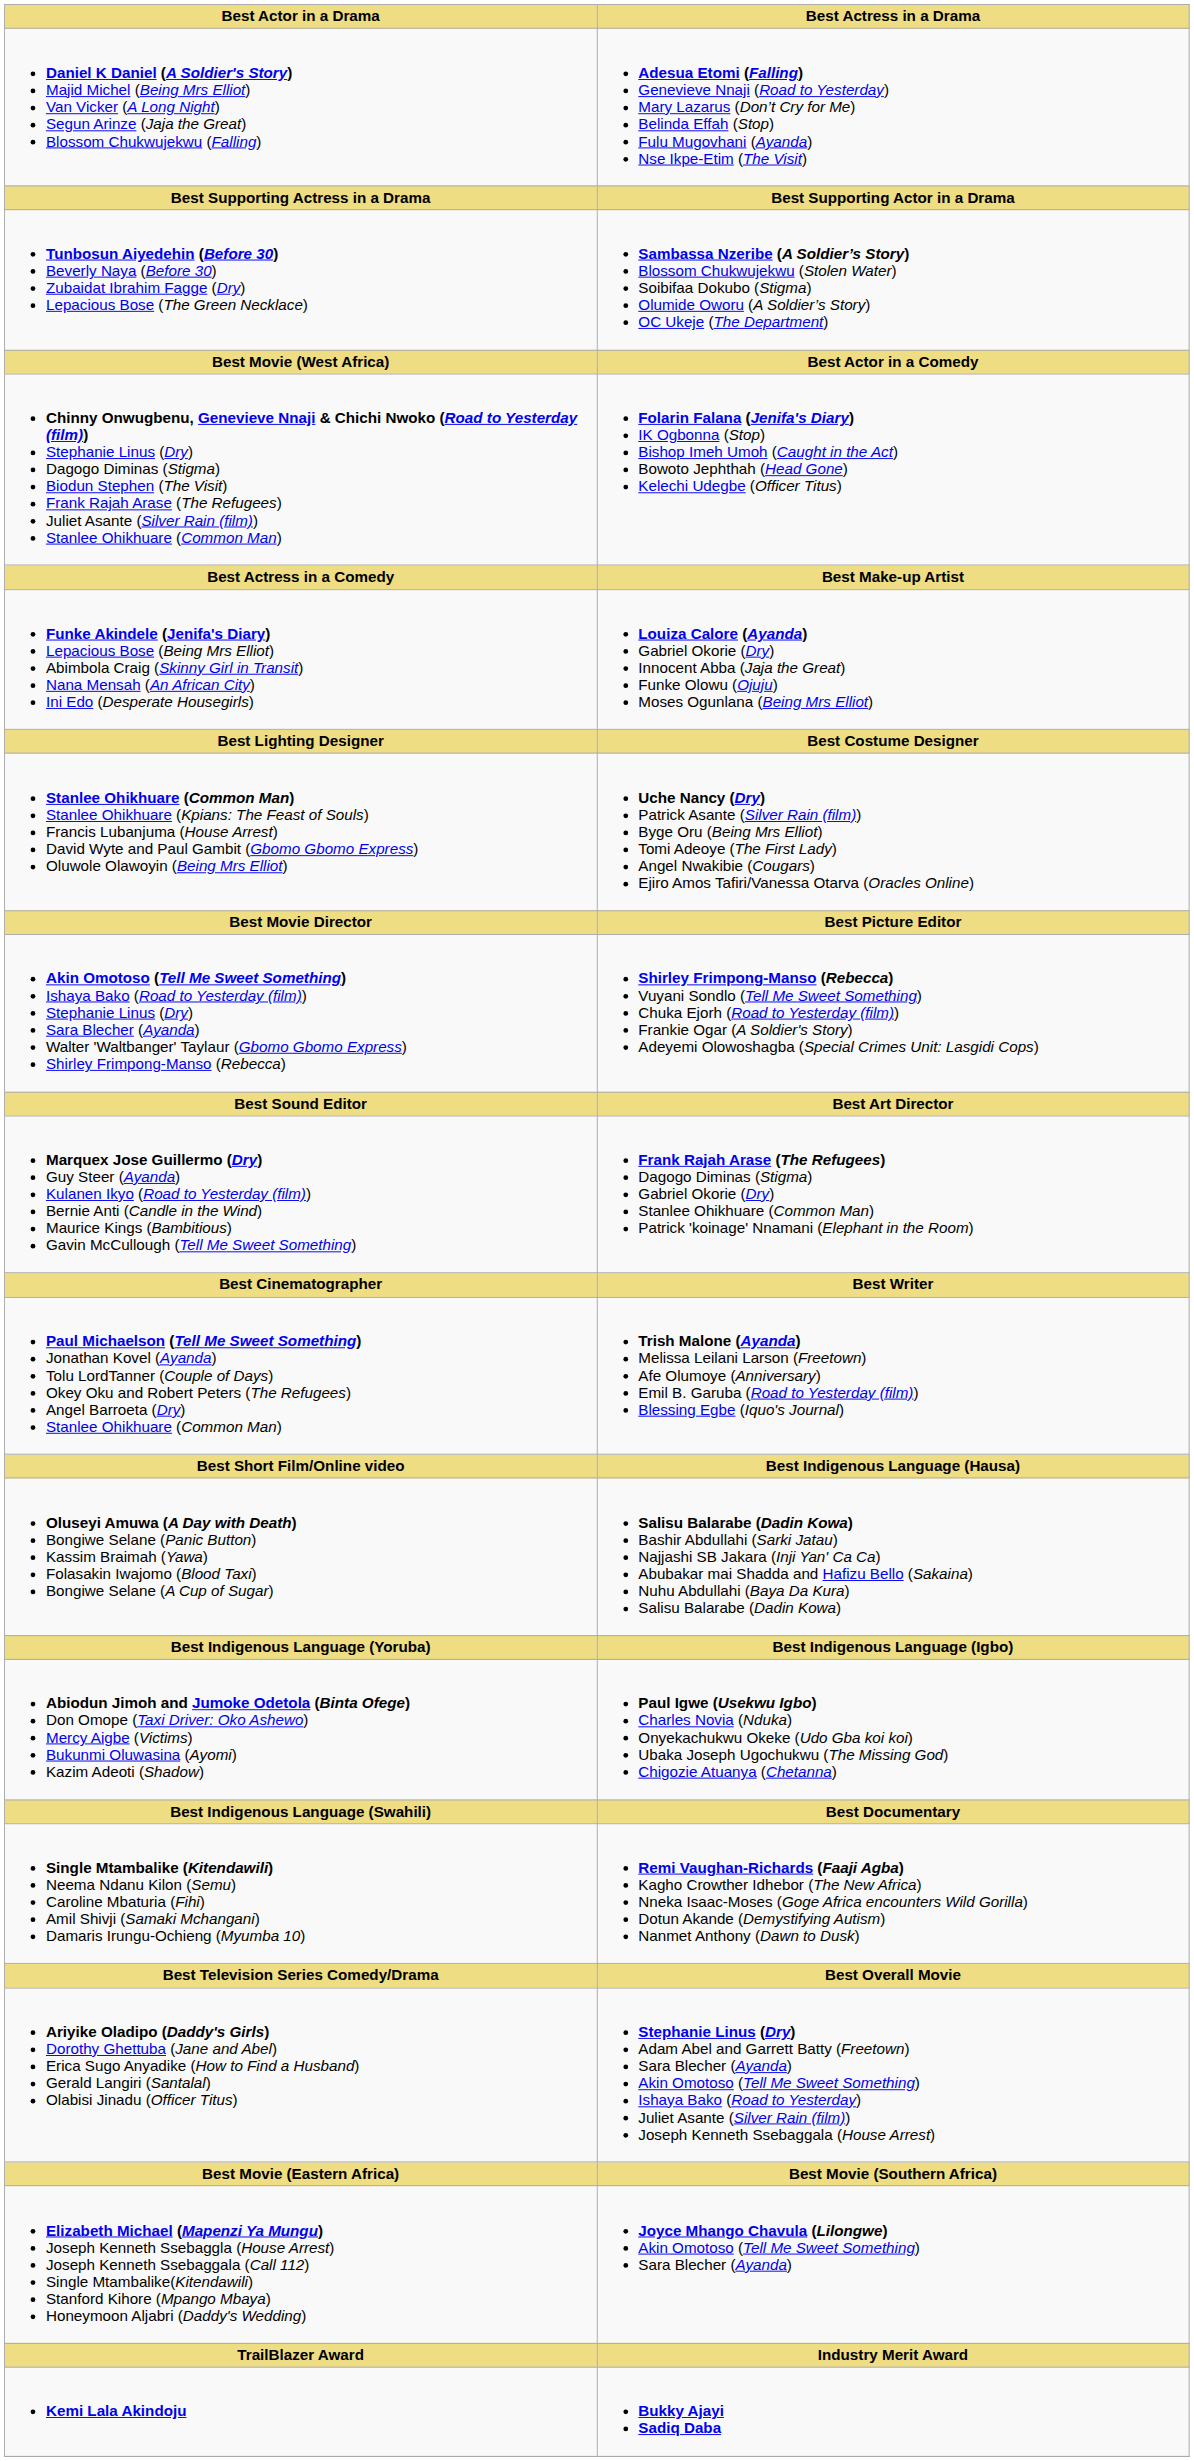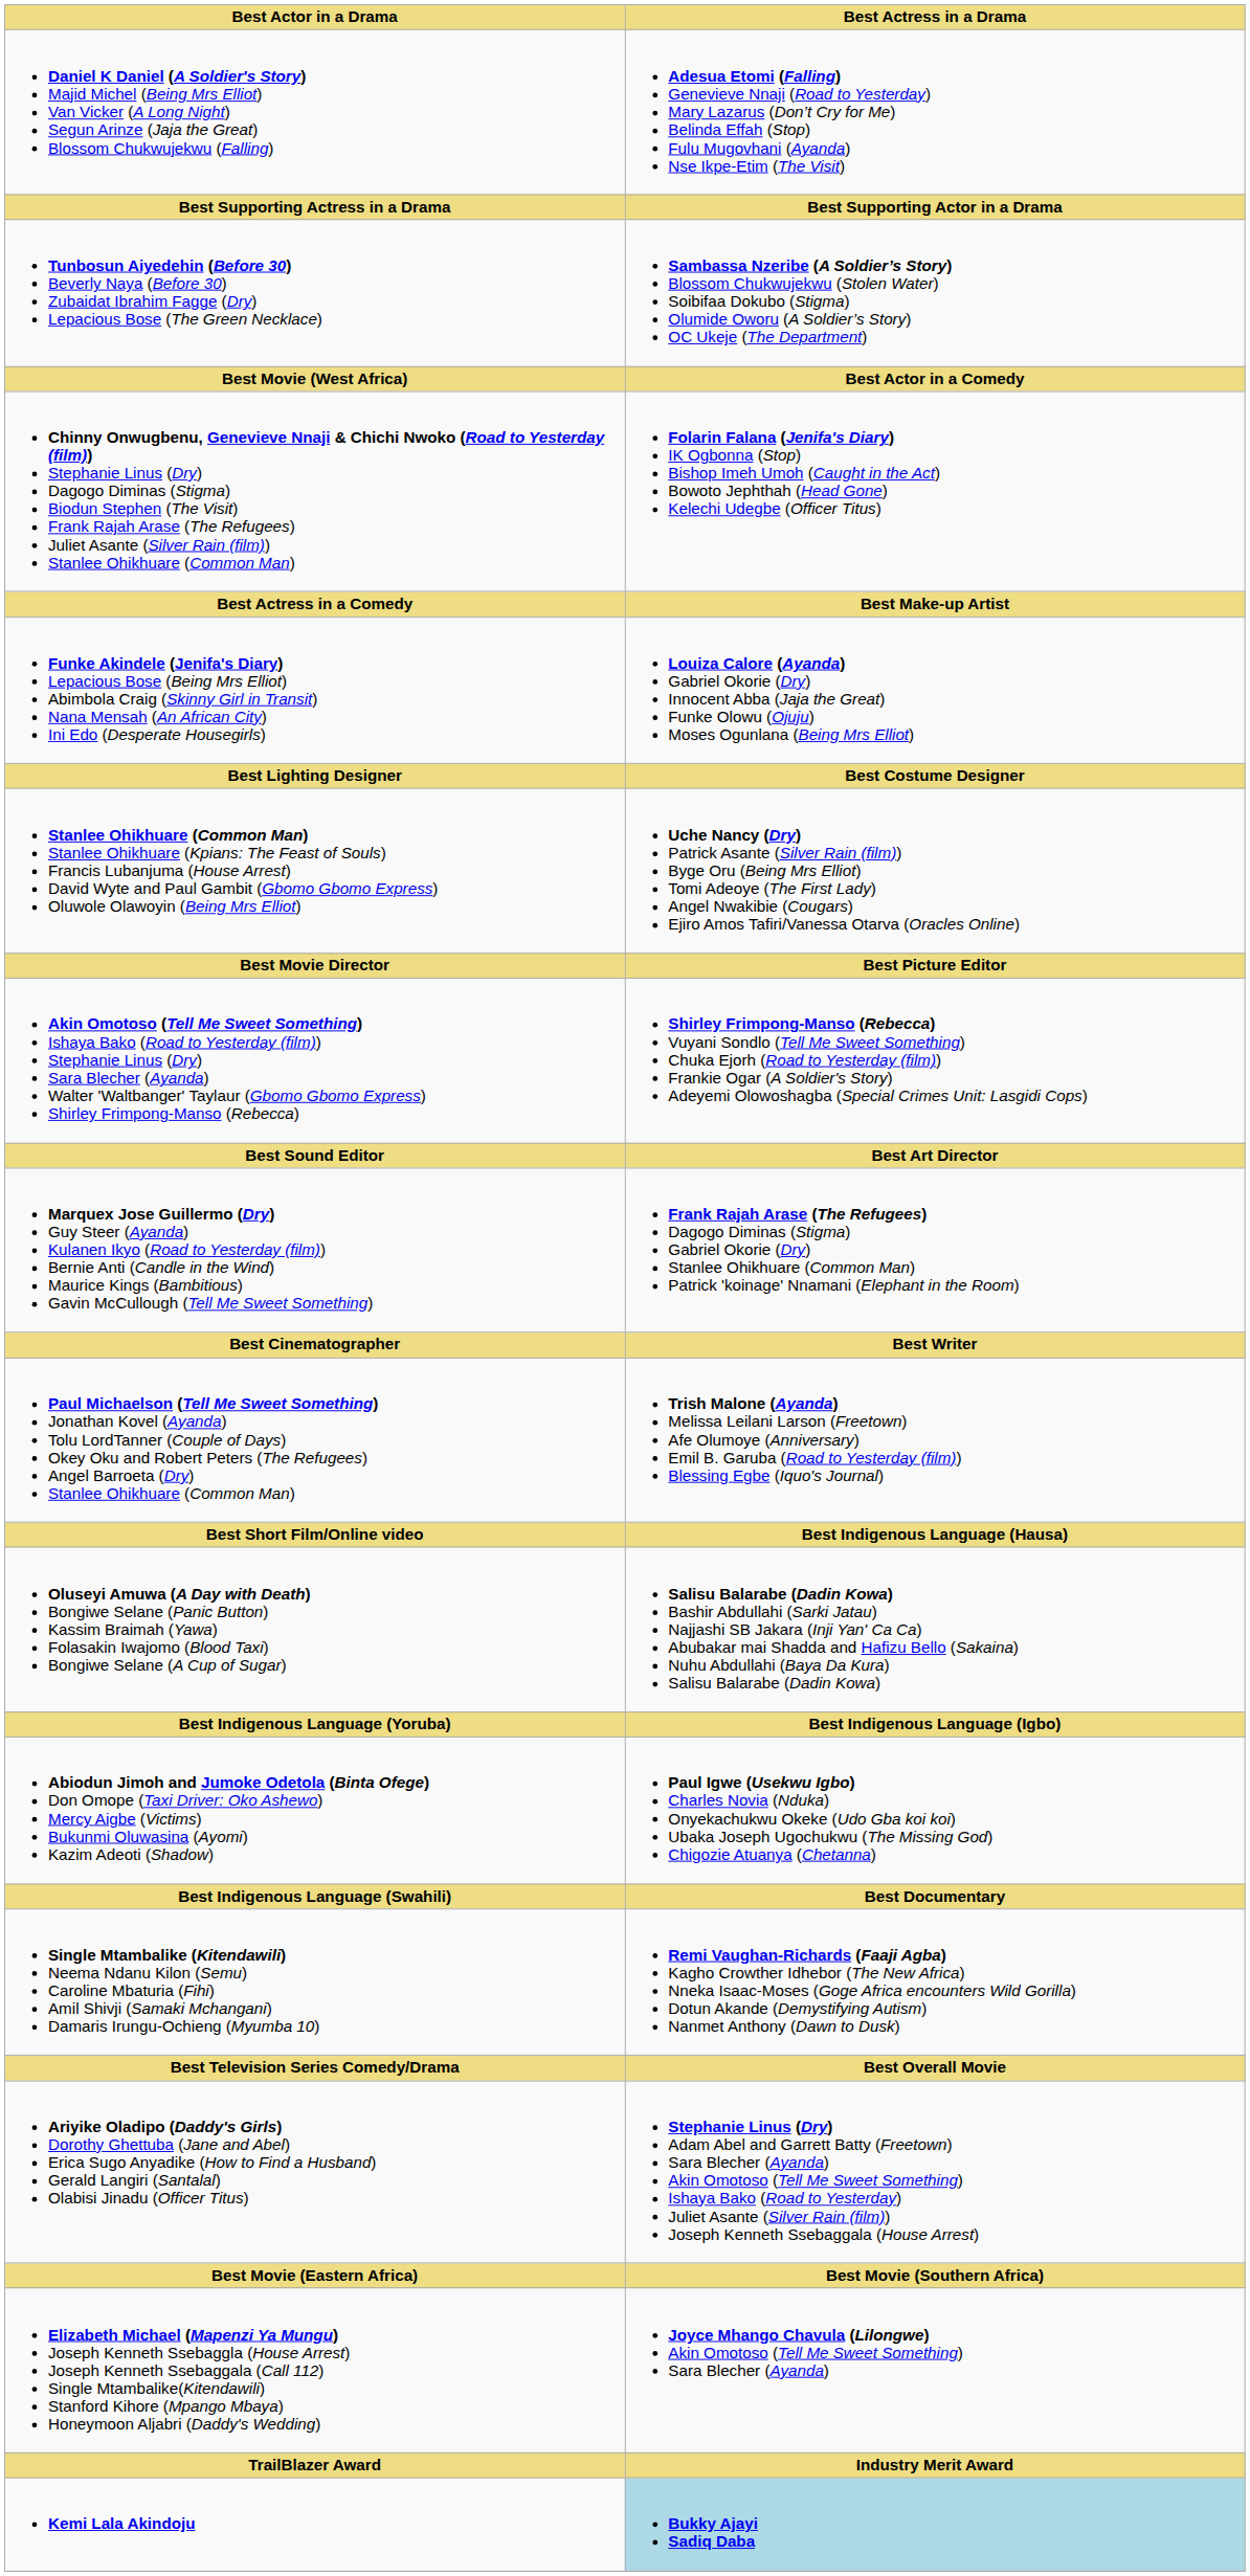 <table class="wikitable">
 <tr>
 <th style="background:#EEDD82; width:50%">Best Actor in a Drama</th>
 <th style="background:#EEDD82; width:50%">Best Actress in a Drama</th>
 </tr>
 <tr>
 <td valign="top"><br><ul><li><strong><a href='#'>Daniel K Daniel</a> (<em><a href='#'>A Soldier's Story</a></em>)</strong></li><li><a href='#'>Majid Michel</a> (<em><a href='#'>Being Mrs Elliot</a></em>)</li><li><a href='#'>Van Vicker</a> (<em><a href='#'>A Long Night</a></em>)</li><li><a href='#'>Segun Arinze</a> (<em>Jaja the Great</em>)</li><li><a href='#'>Blossom Chukwujekwu</a> (<em><a href='#'>Falling</a></em>)</li></ul></td>
 <td valign="top"><br><ul><li><strong><a href='#'>Adesua Etomi</a> (<em><a href='#'>Falling</a></em>)</strong></li><li><a href='#'>Genevieve Nnaji</a> (<em><a href='#'>Road to Yesterday</a></em>)</li><li><a href='#'>Mary Lazarus</a> (<em>Don’t Cry for Me</em>)</li><li><a href='#'>Belinda Effah</a> (<em>Stop</em>)</li><li><a href='#'>Fulu Mugovhani</a> (<em><a href='#'>Ayanda</a></em>)</li><li><a href='#'>Nse Ikpe-Etim</a> (<em><a href='#'>The Visit</a></em>)</li></ul></td>
 </tr>
 <tr>
 <th style="background:#EEDD82; width:50%">Best Supporting Actress in a Drama</th>
 <th style="background:#EEDD82; width:50%">Best Supporting Actor in a Drama</th>
 </tr>
 <tr>
 <td valign="top"><br><ul><li><strong><a href='#'>Tunbosun Aiyedehin</a> (<em><a href='#'>Before 30</a></em>)</strong></li><li><a href='#'>Beverly Naya</a> (<em><a href='#'>Before 30</a></em>)</li><li><a href='#'>Zubaidat Ibrahim Fagge</a> (<em><a href='#'>Dry</a></em>)</li><li><a href='#'>Lepacious Bose</a> (<em>The Green Necklace</em>)</li></ul></td>
 <td valign="top"><br><ul><li><strong><a href='#'>Sambassa Nzeribe</a> (<em>A Soldier’s Story</em>)</strong></li><li><a href='#'>Blossom Chukwujekwu</a> (<em>Stolen Water</em>)</li><li>Soibifaa Dokubo (<em>Stigma</em>)</li><li><a href='#'>Olumide Oworu</a> (<em>A Soldier’s Story</em>)</li><li><a href='#'>OC Ukeje</a> (<em><a href='#'>The Department</a></em>)</li></ul></td>
 </tr>
 <tr>
 <th style="background:#EEDD82; width:50%">Best Movie (West Africa)</th>
 <th style="background:#EEDD82; width:50%">Best Actor in a Comedy</th>
 </tr>
 <tr>
 <td valign="top"><br><ul><li><strong>Chinny Onwugbenu,  <a href='#'>Genevieve Nnaji</a> & Chichi Nwoko (<em><a href='#'>Road to Yesterday (film)</a></em>)</strong></li><li><a href='#'>Stephanie Linus</a> (<em><a href='#'>Dry</a></em>)</li><li>Dagogo Diminas (<em>Stigma</em>)</li><li><a href='#'>Biodun Stephen</a> (<em>The Visit</em>)</li><li><a href='#'>Frank Rajah Arase</a> (<em>The Refugees</em>)</li><li>Juliet Asante (<em><a href='#'>Silver Rain (film)</a></em>)</li><li><a href='#'>Stanlee Ohikhuare</a> (<em><a href='#'>Common Man</a></em>)</li></ul></td>
 <td valign="top"><br><ul><li><strong><a href='#'>Folarin Falana</a> (<em><a href='#'>Jenifa's Diary</a></em>)</strong></li><li><a href='#'>IK Ogbonna</a> (<em>Stop</em>)</li><li><a href='#'>Bishop Imeh Umoh</a> (<em><a href='#'>Caught in the Act</a></em>)</li><li>Bowoto Jephthah (<em><a href='#'>Head Gone</a></em>)</li><li><a href='#'>Kelechi Udegbe</a> (<em>Officer Titus</em>)</li></ul></td>
 </tr>
 <tr>
 <th style="background:#EEDD82; width:50%">Best Actress in a Comedy</th>
 <th style="background:#EEDD82; width:50%">Best Make-up Artist</th>
 </tr>
 <tr>
 <td valign="top"><br><ul><li><strong><a href='#'>Funke Akindele</a> (<a href='#'>Jenifa's Diary</a>)</strong></li><li><a href='#'>Lepacious Bose</a> (<em>Being Mrs Elliot</em>)</li><li>Abimbola Craig (<em><a href='#'>Skinny Girl in Transit</a></em>)</li><li><a href='#'>Nana Mensah</a> (<em><a href='#'>An African City</a></em>)</li><li><a href='#'>Ini Edo</a> (<em>Desperate Housegirls</em>)</li></ul></td>
 <td valign="top"><br><ul><li><strong><a href='#'>Louiza Calore</a> (<em><a href='#'>Ayanda</a></em>)</strong></li><li>Gabriel Okorie (<em><a href='#'>Dry</a></em>)</li><li>Innocent Abba (<em>Jaja the Great</em>)</li><li>Funke Olowu (<em><a href='#'>Ojuju</a></em>)</li><li>Moses Ogunlana (<em><a href='#'>Being Mrs Elliot</a></em>)</li></ul></td>
 </tr>
 <tr>
 <th style="background:#EEDD82; width:50%">Best Lighting Designer</th>
 <th style="background:#EEDD82; width:50%">Best Costume Designer</th>
 </tr>
 <tr>
 <td valign="top"><br><ul><li><strong><a href='#'>Stanlee Ohikhuare</a> (<em>Common Man</em>)</strong></li><li><a href='#'>Stanlee Ohikhuare</a> (<em>Kpians: The Feast of Souls</em>)</li><li>Francis Lubanjuma (<em>House Arrest</em>)</li><li>David Wyte and Paul Gambit (<em><a href='#'>Gbomo Gbomo Express</a></em>)</li><li>Oluwole Olawoyin (<em><a href='#'>Being Mrs Elliot</a></em>)</li></ul></td>
 <td valign="top"><br><ul><li><strong>Uche Nancy (<em><a href='#'>Dry</a></em>)</strong></li><li>Patrick Asante (<em><a href='#'>Silver Rain (film)</a></em>)</li><li>Byge Oru (<em>Being Mrs Elliot</em>)</li><li>Tomi Adeoye (<em>The First Lady</em>)</li><li>Angel Nwakibie (<em>Cougars</em>)</li><li>Ejiro Amos Tafiri/Vanessa Otarva (<em>Oracles Online</em>)</li></ul></td>
 </tr>
 <tr>
 <th style="background:#EEDD82; width:50%">Best Movie Director</th>
 <th style="background:#EEDD82; width:50%">Best Picture Editor</th>
 </tr>
 <tr>
 <td valign="top"><br><ul><li><strong><a href='#'>Akin Omotoso</a> (<em><a href='#'>Tell Me Sweet Something</a></em>)</strong></li><li><a href='#'>Ishaya Bako</a> (<em><a href='#'>Road to Yesterday (film)</a></em>)</li><li><a href='#'>Stephanie Linus</a> (<em><a href='#'>Dry</a></em>)</li><li><a href='#'>Sara Blecher</a> (<em><a href='#'>Ayanda</a></em>)</li><li>Walter 'Waltbanger' Taylaur (<em><a href='#'>Gbomo Gbomo Express</a></em>)</li><li><a href='#'>Shirley Frimpong-Manso</a> (<em>Rebecca</em>)</li></ul></td>
 <td valign="top"><br><ul><li><strong><a href='#'>Shirley Frimpong-Manso</a> (<em>Rebecca</em>)</strong></li><li>Vuyani Sondlo (<em><a href='#'>Tell Me Sweet Something</a></em>)</li><li>Chuka Ejorh (<em><a href='#'>Road to Yesterday (film)</a></em>)</li><li>Frankie Ogar (<em>A Soldier's Story</em>)</li><li>Adeyemi Olowoshagba (<em>Special Crimes Unit: Lasgidi Cops</em>)</li></ul></td>
 </tr>
 <tr>
 <th style="background:#EEDD82; width:50%">Best Sound Editor</th>
 <th style="background:#EEDD82; width:50%">Best Art Director</th>
 </tr>
 <tr>
 <td valign="top"><br><ul><li><strong>Marquex Jose Guillermo (<em><a href='#'>Dry</a></em>)</strong></li><li>Guy Steer (<em><a href='#'>Ayanda</a></em>)</li><li><a href='#'>Kulanen Ikyo</a> (<em><a href='#'>Road to Yesterday (film)</a></em>)</li><li>Bernie Anti (<em>Candle in the Wind</em>)</li><li>Maurice Kings (<em>Bambitious</em>)</li><li>Gavin McCullough (<em><a href='#'>Tell Me Sweet Something</a></em>)</li></ul></td>
 <td valign="top"><br><ul><li><strong><a href='#'>Frank Rajah Arase</a> (<em>The Refugees</em>)</strong></li><li>Dagogo Diminas (<em>Stigma</em>)</li><li>Gabriel Okorie (<em><a href='#'>Dry</a></em>)</li><li>Stanlee Ohikhuare (<em>Common Man</em>)</li><li>Patrick 'koinage' Nnamani (<em>Elephant in the Room</em>)</li></ul></td>
 </tr>
 <tr>
 <th style="background:#EEDD82; width:50%">Best Cinematographer</th>
 <th style="background:#EEDD82; width:50%">Best Writer</th>
 </tr>
 <tr>
 <td valign="top"><br><ul><li><strong><a href='#'>Paul Michaelson</a> (<em><a href='#'>Tell Me Sweet Something</a></em>)</strong></li><li>Jonathan Kovel (<em><a href='#'>Ayanda</a></em>)</li><li>Tolu LordTanner (<em>Couple of Days</em>)</li><li>Okey Oku and Robert Peters (<em>The Refugees</em>)</li><li>Angel Barroeta (<em><a href='#'>Dry</a></em>)</li><li><a href='#'>Stanlee Ohikhuare</a> (<em>Common Man</em>)</li></ul></td>
 <td valign="top"><br><ul><li><strong>Trish Malone (<em><a href='#'>Ayanda</a></em>)</strong></li><li>Melissa Leilani Larson (<em>Freetown</em>)</li><li>Afe Olumoye (<em>Anniversary</em>)</li><li>Emil B. Garuba (<em><a href='#'>Road to Yesterday (film)</a></em>)</li><li><a href='#'>Blessing Egbe</a> (<em>Iquo's Journal</em>)</li></ul></td>
 </tr>
 <tr>
 <th style="background:#EEDD82; width:50%">Best Short Film/Online video</th>
 <th style="background:#EEDD82; width:50%">Best Indigenous Language (Hausa)</th>
 </tr>
 <tr>
 <td valign="top"><br><ul><li><strong>Oluseyi Amuwa (<em>A Day with Death</em>)</strong></li><li>Bongiwe Selane (<em>Panic Button</em>)</li><li>Kassim Braimah (<em>Yawa</em>)</li><li>Folasakin Iwajomo (<em>Blood Taxi</em>)</li><li>Bongiwe Selane (<em>A Cup of Sugar</em>)</li></ul></td>
 <td valign="top"><br><ul><li><strong>Salisu Balarabe (<em>Dadin Kowa</em>)</strong></li><li>Bashir Abdullahi (<em>Sarki Jatau</em>)</li><li>Najjashi SB Jakara (<em>Inji Yan' Ca Ca</em>)</li><li>Abubakar mai Shadda and <a href='#'>Hafizu Bello</a> (<em>Sakaina</em>)</li><li>Nuhu Abdullahi (<em>Baya Da Kura</em>)</li><li>Salisu Balarabe (<em>Dadin Kowa</em>)</li></ul></td>
 </tr>
 <tr>
 <th style="background:#EEDD82; width:50%">Best Indigenous Language (Yoruba)</th>
 <th style="background:#EEDD82; width:50%">Best Indigenous Language (Igbo)</th>
 </tr>
 <tr>
 <td valign="top"><br><ul><li><strong>Abiodun Jimoh and <a href='#'>Jumoke Odetola</a> (<em>Binta Ofege</em>)</strong></li><li>Don Omope (<em><a href='#'>Taxi Driver: Oko Ashewo</a></em>)</li><li><a href='#'>Mercy Aigbe</a> (<em>Victims</em>)</li><li><a href='#'>Bukunmi Oluwasina</a> (<em>Ayomi</em>)</li><li>Kazim Adeoti (<em>Shadow</em>)</li></ul></td>
 <td valign="top"><br><ul><li><strong>Paul Igwe (<em>Usekwu Igbo</em>)</strong></li><li><a href='#'>Charles Novia</a> (<em>Nduka</em>)</li><li>Onyekachukwu Okeke (<em>Udo Gba koi koi</em>)</li><li>Ubaka Joseph Ugochukwu (<em>The Missing God</em>)</li><li><a href='#'>Chigozie Atuanya</a> (<em><a href='#'>Chetanna</a></em>)</li></ul></td>
 </tr>
 <tr>
 <th style="background:#EEDD82; width:50%">Best Indigenous Language (Swahili)</th>
 <th style="background:#EEDD82; width:50%">Best Documentary</th>
 </tr>
 <tr>
 <td valign="top"><br><ul><li><strong>Single Mtambalike (<em>Kitendawili</em>)</strong></li><li>Neema Ndanu Kilon (<em>Semu</em>)</li><li>Caroline Mbaturia (<em>Fihi</em>)</li><li>Amil Shivji (<em>Samaki Mchangani</em>)</li><li>Damaris Irungu-Ochieng (<em>Myumba 10</em>)</li></ul></td>
 <td valign="top"><br><ul><li><strong><a href='#'>Remi Vaughan-Richards</a> (<em>Faaji Agba</em>)</strong></li><li>Kagho Crowther Idhebor (<em>The New Africa</em>)</li><li>Nneka Isaac-Moses (<em>Goge Africa encounters Wild Gorilla</em>)</li><li>Dotun Akande (<em>Demystifying Autism</em>)</li><li>Nanmet Anthony (<em>Dawn to Dusk</em>)</li></ul></td>
 </tr>
 <tr>
 <th style="background:#EEDD82; width:50%">Best Television Series Comedy/Drama</th>
 <th style="background:#EEDD82; width:50%">Best Overall Movie</th>
 </tr>
 <tr>
 <td valign="top"><br><ul><li><strong>Ariyike Oladipo (<em>Daddy's Girls</em>)</strong></li><li><a href='#'>Dorothy Ghettuba</a> (<em>Jane and Abel</em>)</li><li>Erica Sugo Anyadike (<em>How to Find a Husband</em>)</li><li>Gerald Langiri (<em>Santalal</em>)</li><li>Olabisi Jinadu (<em>Officer Titus</em>)</li></ul></td>
 <td valign="top"><br><ul><li><strong><a href='#'>Stephanie Linus</a> (<em><a href='#'>Dry</a></em>)</strong></li><li>Adam Abel and Garrett Batty (<em>Freetown</em>)</li><li>Sara Blecher (<em><a href='#'>Ayanda</a></em>)</li><li><a href='#'>Akin Omotoso</a> (<em><a href='#'>Tell Me Sweet Something</a></em>)</li><li><a href='#'>Ishaya Bako</a> (<em><a href='#'>Road to Yesterday</a></em>)</li><li>Juliet Asante (<em><a href='#'>Silver Rain (film)</a></em>)</li><li>Joseph Kenneth Ssebaggala (<em>House Arrest</em>)</li></ul></td>
 </tr>
 <tr>
 <th style="background:#EEDD82; width:50%">Best Movie (Eastern Africa)</th>
 <th style="background:#EEDD82; width:50%">Best Movie (Southern Africa)</th>
 </tr>
 <tr>
 <td valign="top"><br><ul><li><strong><a href='#'>Elizabeth Michael</a> (<em><a href='#'>Mapenzi Ya Mungu</a></em>)</strong></li><li>Joseph Kenneth Ssebaggla (<em>House Arrest</em>)</li><li>Joseph Kenneth Ssebaggala (<em>Call 112</em>)</li><li>Single Mtambalike(<em>Kitendawili</em>)</li><li>Stanford Kihore (<em>Mpango Mbaya</em>)</li><li>Honeymoon Aljabri (<em>Daddy's Wedding</em>)</li></ul></td>
 <td valign="top"><br><ul><li><strong><a href='#'>Joyce Mhango Chavula</a> (<em>Lilongwe</em>)</strong></li><li><a href='#'>Akin Omotoso</a> (<em><a href='#'>Tell Me Sweet Something</a></em>)</li><li>Sara Blecher (<em><a href='#'>Ayanda</a></em>)</li></ul></td>
 </tr>
 <tr>
 <th style="background:#EEDD82; width:50%">TrailBlazer Award</th>
 <th style="background:#EEDD82; width:50%">Industry Merit Award</th>
 </tr>
 <tr>
 <td valign="top"><br><ul><li><strong><a href='#'>Kemi Lala Akindoju</a></strong></li></ul></td>
-<td valign="top"><br><ul><li><strong><a href='#'>Bukky Ajayi</a></strong></li><li><strong><a href='#'>Sadiq Daba</a></strong></li></ul></td>
+<td valign="top" style="background: lightblue;"><br><ul><li><strong><a href='#'>Bukky Ajayi</a></strong></li><li><strong><a href='#'>Sadiq Daba</a></strong></li></ul></td>
 </tr>
 <tr>
 </tr>
 </table>
